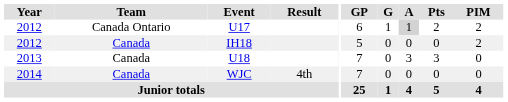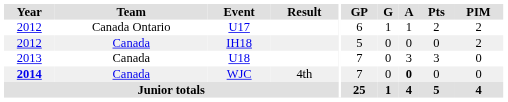 <table border="0" cellpadding="1" cellspacing="0" ID="Table3" style=  "text-align:center; width:40em">
 <tr ALIGN="center" bgcolor="#e0e0e0">
 <th>Year</th>
 <th>Team</th>
 <th>Event</th>
 <th>Result</th>
 <th rowspan="99" bgcolor="#ffffff"></th>
 <th>GP</th>
 <th>G</th>
 <th>A</th>
 <th>Pts</th>
 <th>PIM</th>
 </tr>
 <tr>
 <td><a href='#'>2012</a></td>
 <td>Canada Ontario</td>
 <td><a href='#'>U17</a></td>
 <td></td>
 <td>6</td>
 <td>1</td>
-<td style="background: lightgrey;">1</td>
+<td>1</td>
 <td>2</td>
 <td>2</td>
 </tr>
 <tr bgcolor="#f0f0f0">
 <td><a href='#'>2012</a></td>
 <td><a href='#'>Canada</a></td>
 <td><a href='#'>IH18</a></td>
 <td></td>
 <td>5</td>
 <td>0</td>
 <td>0</td>
 <td>0</td>
 <td>2</td>
 </tr>
 <tr>
 <td><a href='#'>2013</a></td>
 <td>Canada</td>
 <td><a href='#'>U18</a></td>
 <td></td>
 <td>7</td>
 <td>0</td>
 <td>3</td>
 <td>3</td>
 <td>0</td>
 </tr>
 <tr bgcolor="#f0f0f0">
-<td><a href='#'>2014</a></td>
+<td><strong><a href='#'>2014</a></strong></td>
 <td><a href='#'>Canada</a></td>
 <td><a href='#'>WJC</a></td>
 <td>4th</td>
 <td>7</td>
 <td>0</td>
-<td>0</td>
+<td><strong>0</strong></td>
 <td>0</td>
 <td>0</td>
 </tr>
 <tr ALIGN="center" bgcolor="#e0e0e0">
 <th colspan=4>Junior totals</th>
 <th>25</th>
 <th>1</th>
 <th>4</th>
 <th>5</th>
 <th>4</th>
 </tr>
 </table>
